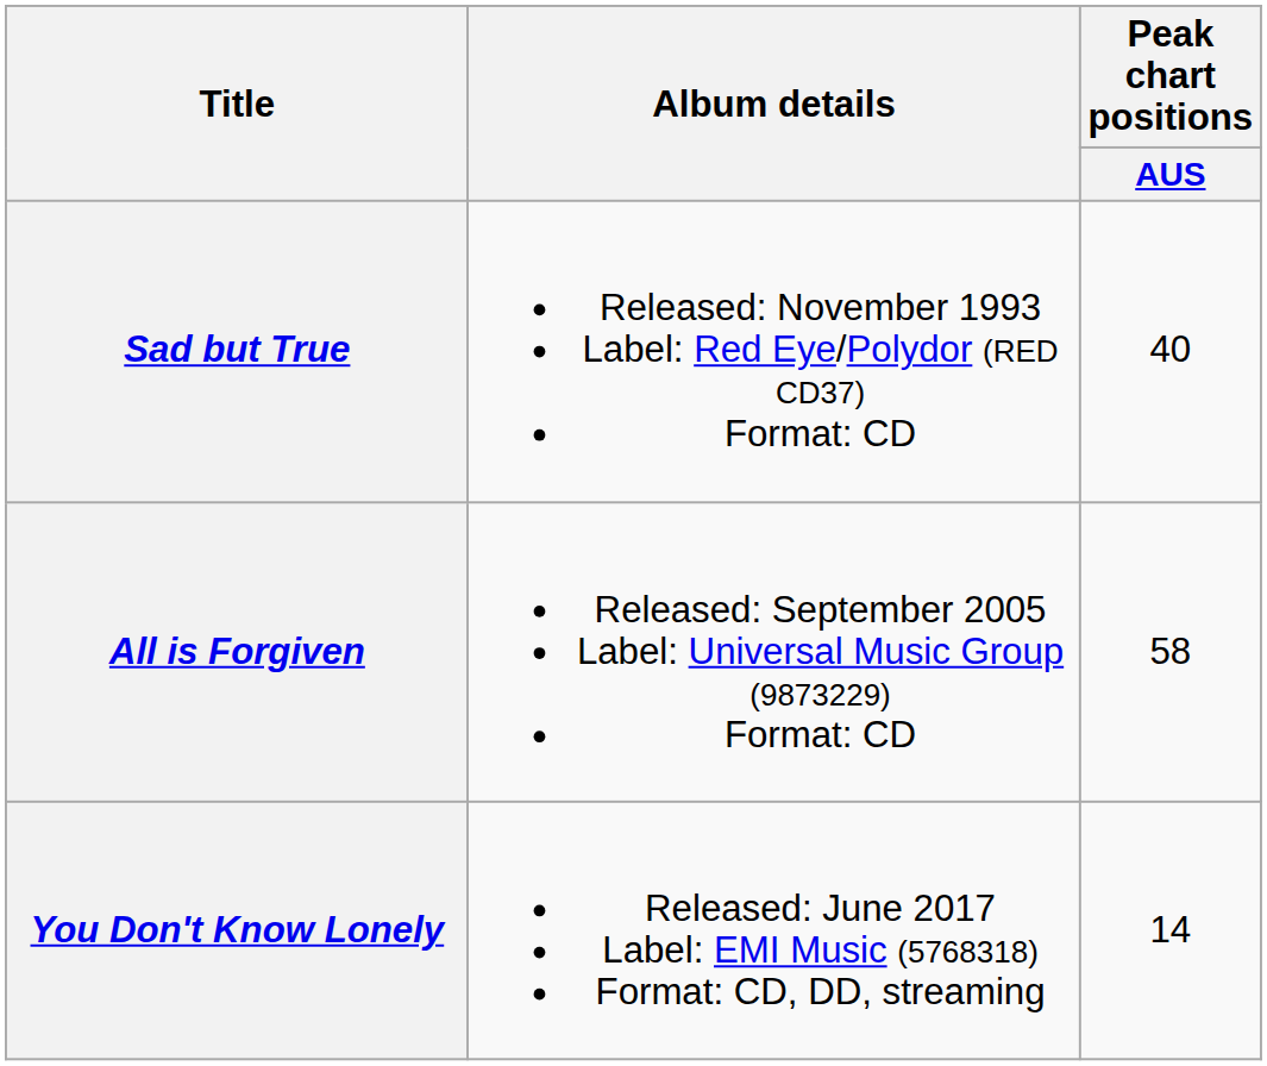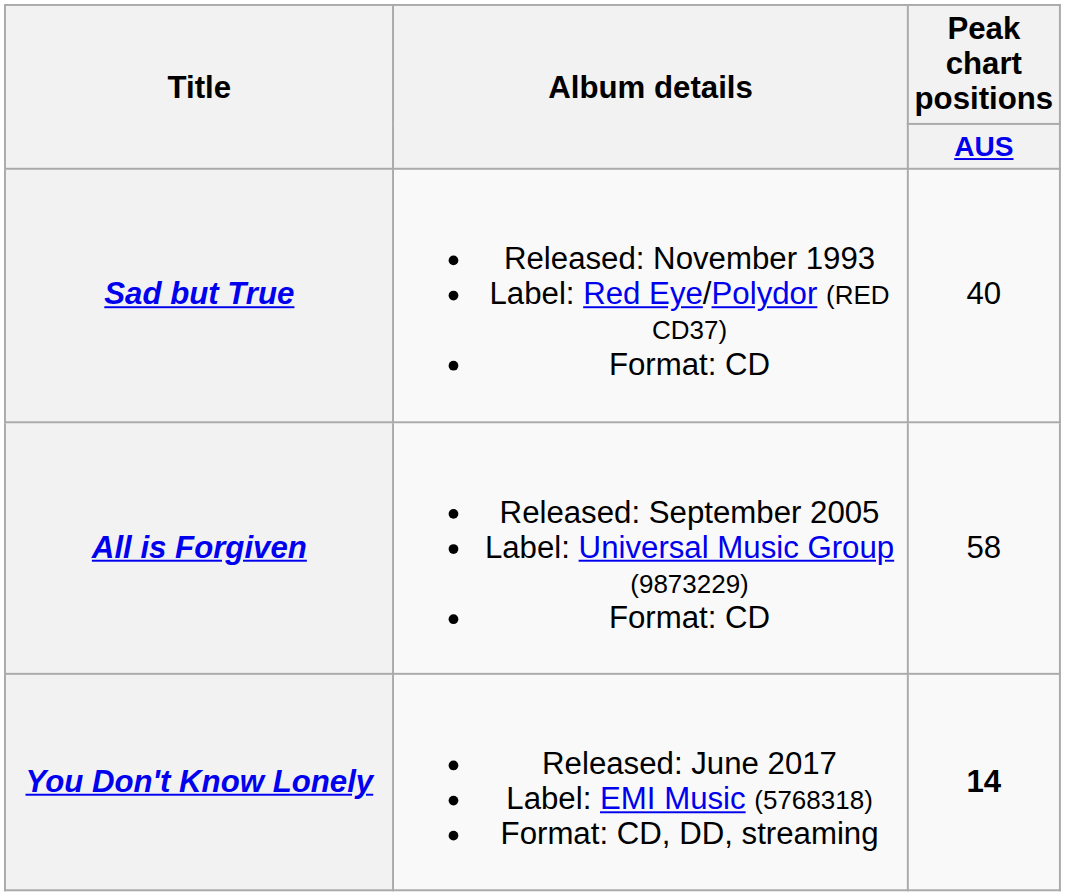 <table class="wikitable plainrowheaders" style="text-align:center;">
 <tr>
 <th scope="col" rowspan="2" style="width:12em;">Title</th>
 <th scope="col" rowspan="2" style="width:16em;">Album details</th>
 <th scope="col">Peak chart positions</th>
 </tr>
 <tr>
 <th scope="col" style="width:3em;font-size:90%;"><a href='#'>AUS</a><br></th>
 </tr>
 <tr>
 <th scope="row"><em><a href='#'>Sad but True</a></em></th>
 <td><br><ul><li>Released: November 1993</li><li>Label: <a href='#'>Red Eye</a>/<a href='#'>Polydor</a> <small>(RED CD37)</small></li><li>Format: CD</li></ul></td>
 <td>40</td>
 </tr>
 <tr>
 <th scope="row"><em><a href='#'>All is Forgiven</a></em></th>
 <td><br><ul><li>Released: September 2005</li><li>Label: <a href='#'>Universal Music Group</a> <small>(9873229)</small></li><li>Format: CD</li></ul></td>
 <td>58</td>
 </tr>
 <tr>
 <th scope="row"><em><a href='#'>You Don't Know Lonely</a></em></th>
 <td><br><ul><li>Released: June 2017</li><li>Label: <a href='#'>EMI Music</a> <small>(5768318)</small></li><li>Format: CD, DD, streaming</li></ul></td>
-<td>14</td>
+<td><strong>14</strong></td>
 </tr>
 </table>
